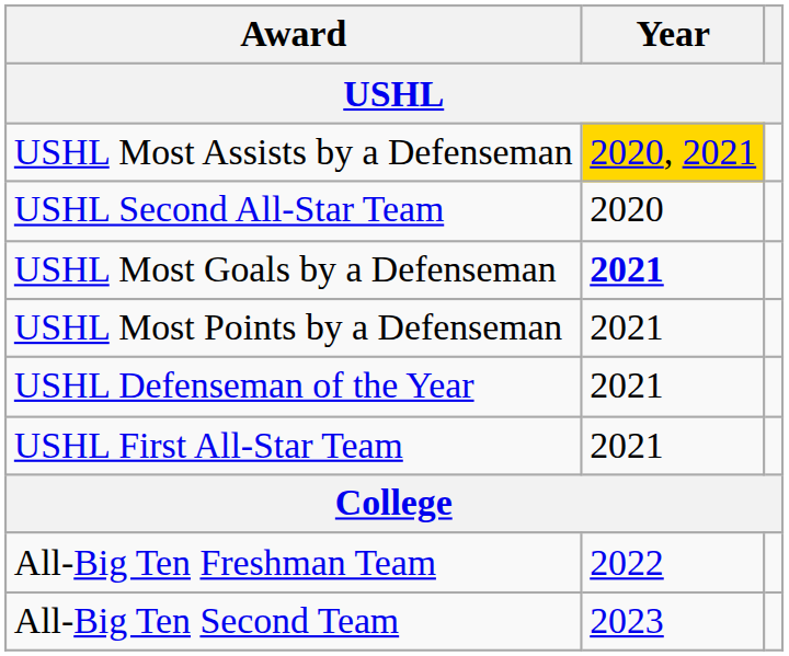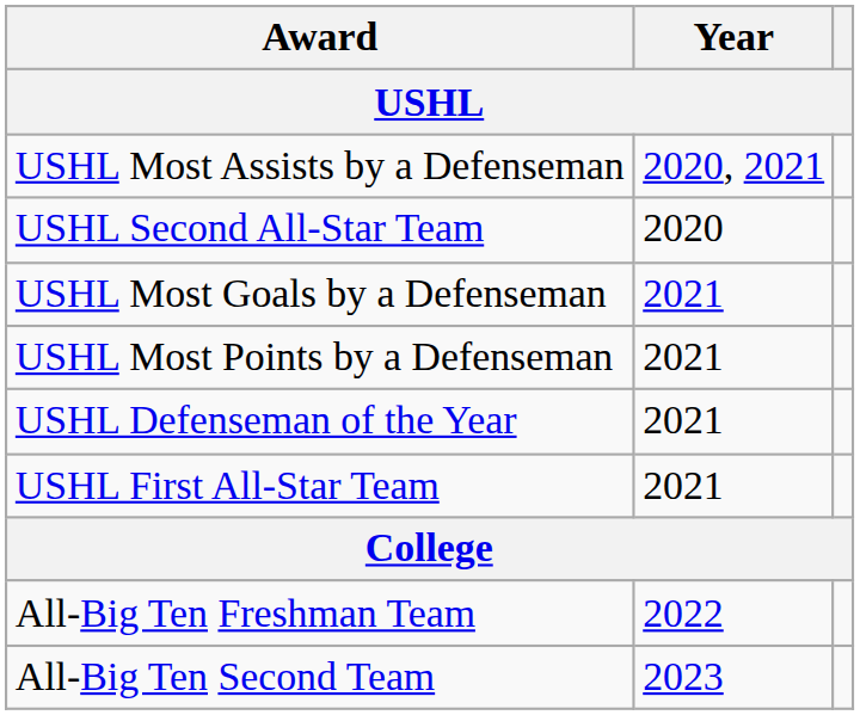 <table class="wikitable">
 <tr>
 <th>Award</th>
 <th>Year</th>
 <th></th>
 </tr>
 <tr>
 <th colspan="3"><a href='#'>USHL</a></th>
 </tr>
 <tr>
 <td><a href='#'>USHL</a> Most Assists by a Defenseman</td>
-<td style="background: gold;"><a href='#'>2020</a>, <a href='#'>2021</a></td>
+<td><a href='#'>2020</a>, <a href='#'>2021</a></td>
 <td></td>
 </tr>
 <tr>
 <td><a href='#'>USHL Second All-Star Team</a></td>
 <td>2020</td>
 <td></td>
 </tr>
 <tr>
 <td><a href='#'>USHL</a> Most Goals by a Defenseman</td>
-<td><strong><a href='#'>2021</a></strong></td>
+<td><a href='#'>2021</a></td>
 <td></td>
 </tr>
 <tr>
 <td><a href='#'>USHL</a> Most Points by a Defenseman</td>
 <td>2021</td>
 <td></td>
 </tr>
 <tr>
 <td><a href='#'>USHL Defenseman of the Year</a></td>
 <td>2021</td>
 <td></td>
 </tr>
 <tr>
 <td><a href='#'>USHL First All-Star Team</a></td>
 <td>2021</td>
 <td></td>
 </tr>
 <tr>
 <th colspan="3"><a href='#'>College</a></th>
 </tr>
 <tr>
 <td>All-<a href='#'>Big Ten</a> <a href='#'>Freshman Team</a></td>
 <td><a href='#'>2022</a></td>
 <td></td>
 </tr>
 <tr>
 <td>All-<a href='#'>Big Ten</a> <a href='#'>Second Team</a></td>
 <td><a href='#'>2023</a></td>
 <td></td>
 </tr>
 </table>
